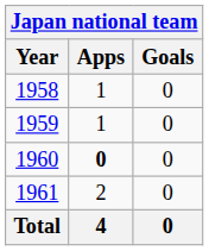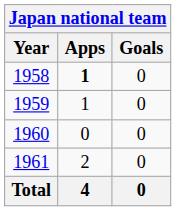 <table class="wikitable" style="text-align:center">
 <tr>
 <th colspan=3><a href='#'>Japan national team</a></th>
 </tr>
 <tr>
 <th>Year</th>
 <th>Apps</th>
 <th>Goals</th>
 </tr>
 <tr>
 <td><a href='#'>1958</a></td>
-<td>1</td>
+<td><strong>1</strong></td>
 <td>0</td>
 </tr>
 <tr>
 <td><a href='#'>1959</a></td>
 <td>1</td>
 <td>0</td>
 </tr>
 <tr>
 <td><a href='#'>1960</a></td>
-<td><strong>0</strong></td>
+<td>0</td>
 <td>0</td>
 </tr>
 <tr>
 <td><a href='#'>1961</a></td>
 <td>2</td>
 <td>0</td>
 </tr>
 <tr>
 <th>Total</th>
 <th>4</th>
 <th>0</th>
 </tr>
 </table>
